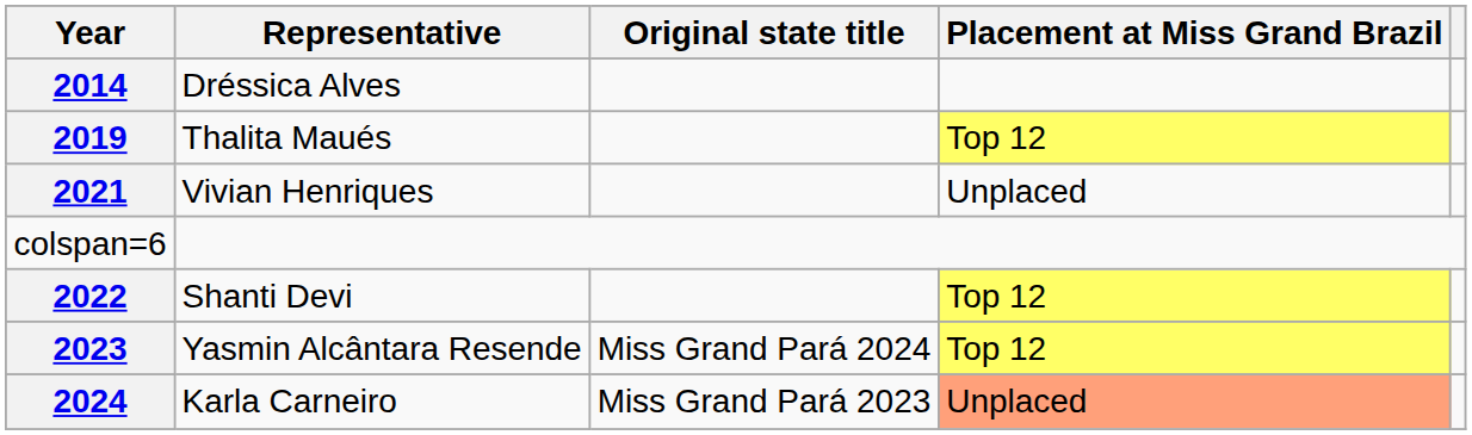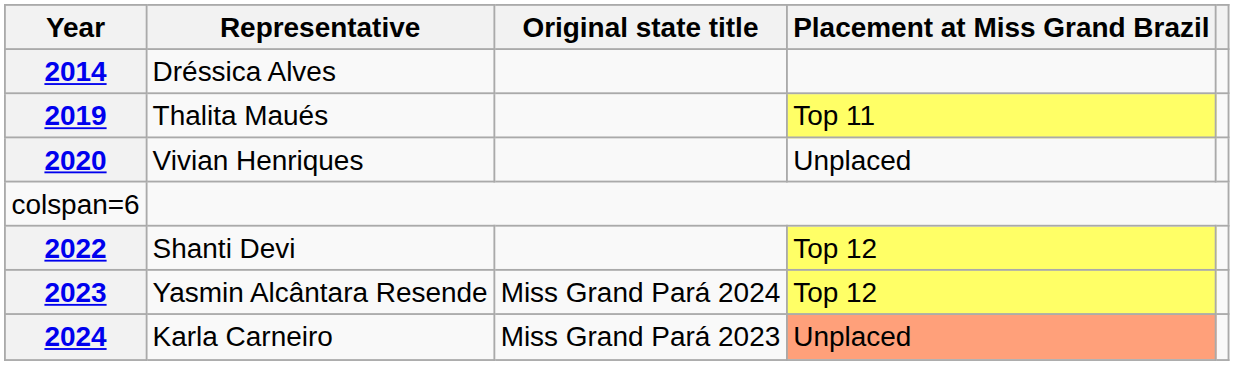 <table class="wikitable defaultcenter col2left" style="font-size:95%;">
 <tr>
 <th>Year</th>
 <th>Representative</th>
 <th>Original state title</th>
 <th>Placement at Miss Grand Brazil</th>
 <th></th>
 </tr>
 <tr>
 <th><a href='#'>2014</a></th>
 <td>Dréssica Alves</td>
 <td></td>
 <td></td>
 <td></td>
 </tr>
 <tr>
 <th><a href='#'>2019</a></th>
 <td>Thalita Maués</td>
 <td></td>
-<td bgcolor=#FFFF66>Top 12</td>
+<td bgcolor=#FFFF66>Top 11</td>
 <td></td>
 </tr>
 <tr>
-<th><a href='#'>2021</a></th>
+<th><a href='#'>2020</a></th>
 <td>Vivian Henriques</td>
 <td></td>
 <td>Unplaced</td>
 <td></td>
 </tr>
 <tr>
 <td>colspan=6 </td>
 </tr>
 <tr>
 <th><a href='#'>2022</a></th>
 <td>Shanti Devi</td>
 <td></td>
 <td bgcolor=#FFFF66>Top 12</td>
 <td></td>
 </tr>
 <tr>
 <th><a href='#'>2023</a></th>
 <td>Yasmin Alcântara Resende</td>
 <td>Miss Grand Pará 2024</td>
 <td bgcolor=#FFFF66>Top 12</td>
 <td></td>
 </tr>
 <tr>
 <th><a href='#'>2024</a></th>
 <td>Karla Carneiro</td>
 <td>Miss Grand Pará 2023</td>
 <td style="background: lightsalmon;">Unplaced</td>
 <td></td>
 </tr>
 </table>
